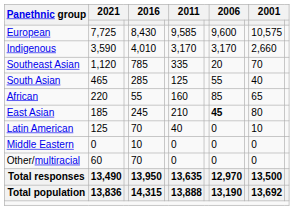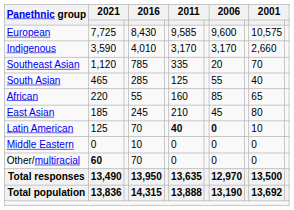 <table class="wikitable collapsible sortable">
 <tr>
 <th rowspan="2"><a href='#'>Panethnic</a> group</th>
 <th colspan="2">2021</th>
 <th colspan="2">2016</th>
 <th colspan="2">2011</th>
 <th colspan="2">2006</th>
 <th colspan="2">2001</th>
 </tr>
 <tr>
 <th><a href='#'></a></th>
 <th></th>
 <th></th>
 <th></th>
 <th></th>
 <th></th>
 <th></th>
 <th></th>
 <th></th>
 <th></th>
 </tr>
 <tr>
 <td><a href='#'>European</a></td>
 <td>7,725</td>
 <td></td>
 <td>8,430</td>
 <td></td>
 <td>9,585</td>
 <td></td>
 <td>9,600</td>
 <td></td>
 <td>10,575</td>
 <td></td>
 </tr>
 <tr>
 <td><a href='#'>Indigenous</a></td>
 <td>3,590</td>
 <td></td>
 <td>4,010</td>
 <td></td>
 <td>3,170</td>
 <td></td>
 <td>3,170</td>
 <td></td>
 <td>2,660</td>
 <td></td>
 </tr>
 <tr>
 <td><a href='#'>Southeast Asian</a></td>
 <td>1,120</td>
 <td></td>
 <td>785</td>
 <td></td>
 <td>335</td>
 <td></td>
 <td>20</td>
 <td></td>
 <td>70</td>
 <td></td>
 </tr>
 <tr>
 <td><a href='#'>South Asian</a></td>
 <td>465</td>
 <td></td>
 <td>285</td>
 <td></td>
 <td>125</td>
 <td></td>
 <td>55</td>
 <td></td>
 <td>40</td>
 <td></td>
 </tr>
 <tr>
 <td><a href='#'>African</a></td>
 <td>220</td>
 <td></td>
 <td>55</td>
 <td></td>
 <td>160</td>
 <td></td>
 <td>85</td>
 <td></td>
 <td>65</td>
 <td></td>
 </tr>
 <tr>
 <td><a href='#'>East Asian</a></td>
 <td>185</td>
 <td></td>
 <td>245</td>
 <td></td>
 <td>210</td>
 <td></td>
-<td><strong>45</strong></td>
+<td>45</td>
 <td></td>
 <td>80</td>
 <td></td>
 </tr>
 <tr>
 <td><a href='#'>Latin American</a></td>
 <td>125</td>
 <td></td>
 <td>70</td>
 <td></td>
-<td>40</td>
+<td><strong>40</strong></td>
 <td></td>
-<td>0</td>
+<td><strong>0</strong></td>
 <td></td>
 <td>10</td>
 <td></td>
 </tr>
 <tr>
 <td><a href='#'>Middle Eastern</a></td>
 <td>0</td>
 <td></td>
 <td>10</td>
 <td></td>
 <td>0</td>
 <td></td>
 <td>0</td>
 <td></td>
 <td>0</td>
 <td></td>
 </tr>
 <tr>
 <td>Other/<a href='#'>multiracial</a></td>
-<td>60</td>
+<td><strong>60</strong></td>
 <td></td>
 <td>70</td>
 <td></td>
 <td>0</td>
 <td></td>
 <td>0</td>
 <td></td>
 <td>0</td>
 <td></td>
 </tr>
 <tr>
 <th>Total responses</th>
 <th>13,490</th>
 <th></th>
 <th>13,950</th>
 <th></th>
 <th>13,635</th>
 <th></th>
 <th>12,970</th>
 <th></th>
 <th>13,500</th>
 <th></th>
 </tr>
 <tr class="sortbottom">
 <th>Total population</th>
 <th>13,836</th>
 <th></th>
 <th>14,315</th>
 <th></th>
 <th>13,888</th>
 <th></th>
 <th>13,190</th>
 <th></th>
 <th>13,692</th>
 <th></th>
 </tr>
 <tr class="sortbottom">
 <td colspan="11"></td>
 </tr>
 </table>
